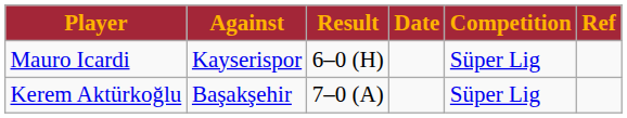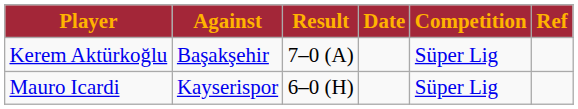 <table class="wikitable">
 <tr>
 <th style="background:#A32638; color:#FFB300; ">Player</th>
 <th style="background:#A32638; color:#FFB300; ">Against</th>
 <th style="background:#A32638; color:#FFB300; text-align:center; ">Result</th>
 <th style="background:#A32638; color:#FFB300; ">Date</th>
 <th style="background:#A32638; color:#FFB300; text-align:center; ">Competition</th>
 <th style="background:#A32638; color:#FFB300; ">Ref</th>
 </tr>
 <tr>
+<td> <a href='#'>Kerem Aktürkoğlu</a></td>
+<td><a href='#'>Başakşehir</a></td>
+<td>7–0 (A)</td>
+<td></td>
+<td><a href='#'>Süper Lig</a></td>
+<td></td>
+</tr>
+<tr>
 <td> <a href='#'>Mauro Icardi</a></td>
 <td><a href='#'>Kayserispor</a></td>
 <td>6–0 (H)</td>
 <td></td>
 <td><a href='#'>Süper Lig</a></td>
 <td></td>
 </tr>
-<tr>
-<td> <a href='#'>Kerem Aktürkoğlu</a></td>
-<td><a href='#'>Başakşehir</a></td>
-<td>7–0 (A)</td>
-<td></td>
-<td><a href='#'>Süper Lig</a></td>
-<td></td>
-</tr>
 </table>
